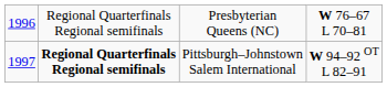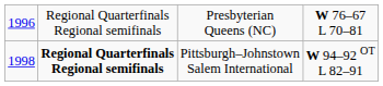 <table class="wikitable">
 <tr align="center">
 <td><a href='#'>1996</a></td>
 <td>Regional Quarterfinals<br>Regional semifinals</td>
 <td>Presbyterian<br>Queens (NC)</td>
 <td><strong>W</strong> 76–67<br>L 70–81</td>
 </tr>
 <tr align="center">
-<td><a href='#'>1997</a></td>
+<td><a href='#'>1998</a></td>
 <td><strong>Regional Quarterfinals<br>Regional semifinals</strong></td>
 <td>Pittsburgh–Johnstown<br>Salem International</td>
 <td><strong>W</strong> 94–92 <sup>OT</sup><br>L 82–91</td>
 </tr>
 </table>
